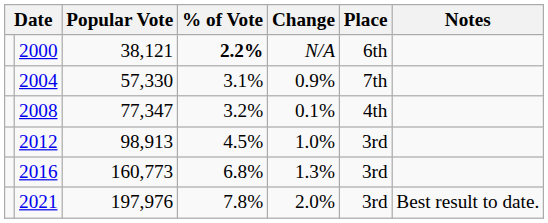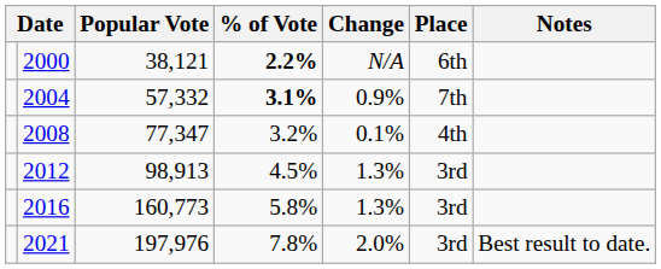 <table class="wikitable sortable" style="text-align: right">
 <tr>
 <th colspan="2">Date</th>
 <th>Popular Vote</th>
 <th>% of Vote</th>
 <th>Change</th>
 <th>Place</th>
 <th>Notes</th>
 </tr>
 <tr>
 <td width="1"></td>
 <td><a href='#'>2000</a></td>
 <td>38,121</td>
 <td><strong>2.2%</strong></td>
 <td><em>N/A</em></td>
 <td>6th</td>
 <td></td>
 </tr>
 <tr>
 <td></td>
 <td><a href='#'>2004</a></td>
-<td>57,330</td>
-<td>3.1%</td>
+<td>57,332</td>
+<td><strong>3.1%</strong></td>
 <td>0.9%</td>
 <td>7th</td>
 <td></td>
 </tr>
 <tr>
 <td></td>
 <td><a href='#'>2008</a></td>
 <td>77,347</td>
 <td>3.2%</td>
 <td>0.1%</td>
 <td>4th</td>
 <td></td>
 </tr>
 <tr>
 <td></td>
 <td><a href='#'>2012</a></td>
 <td>98,913</td>
 <td>4.5%</td>
-<td>1.0%</td>
+<td>1.3%</td>
 <td>3rd</td>
 <td></td>
 </tr>
 <tr>
 <td></td>
 <td><a href='#'>2016</a></td>
 <td>160,773</td>
-<td>6.8%</td>
+<td>5.8%</td>
 <td>1.3%</td>
 <td>3rd</td>
 <td></td>
 </tr>
 <tr>
 <td></td>
 <td><a href='#'>2021</a></td>
 <td>197,976</td>
 <td>7.8%</td>
 <td>2.0%</td>
 <td>3rd</td>
 <td>Best result to date.</td>
 </tr>
 </table>
